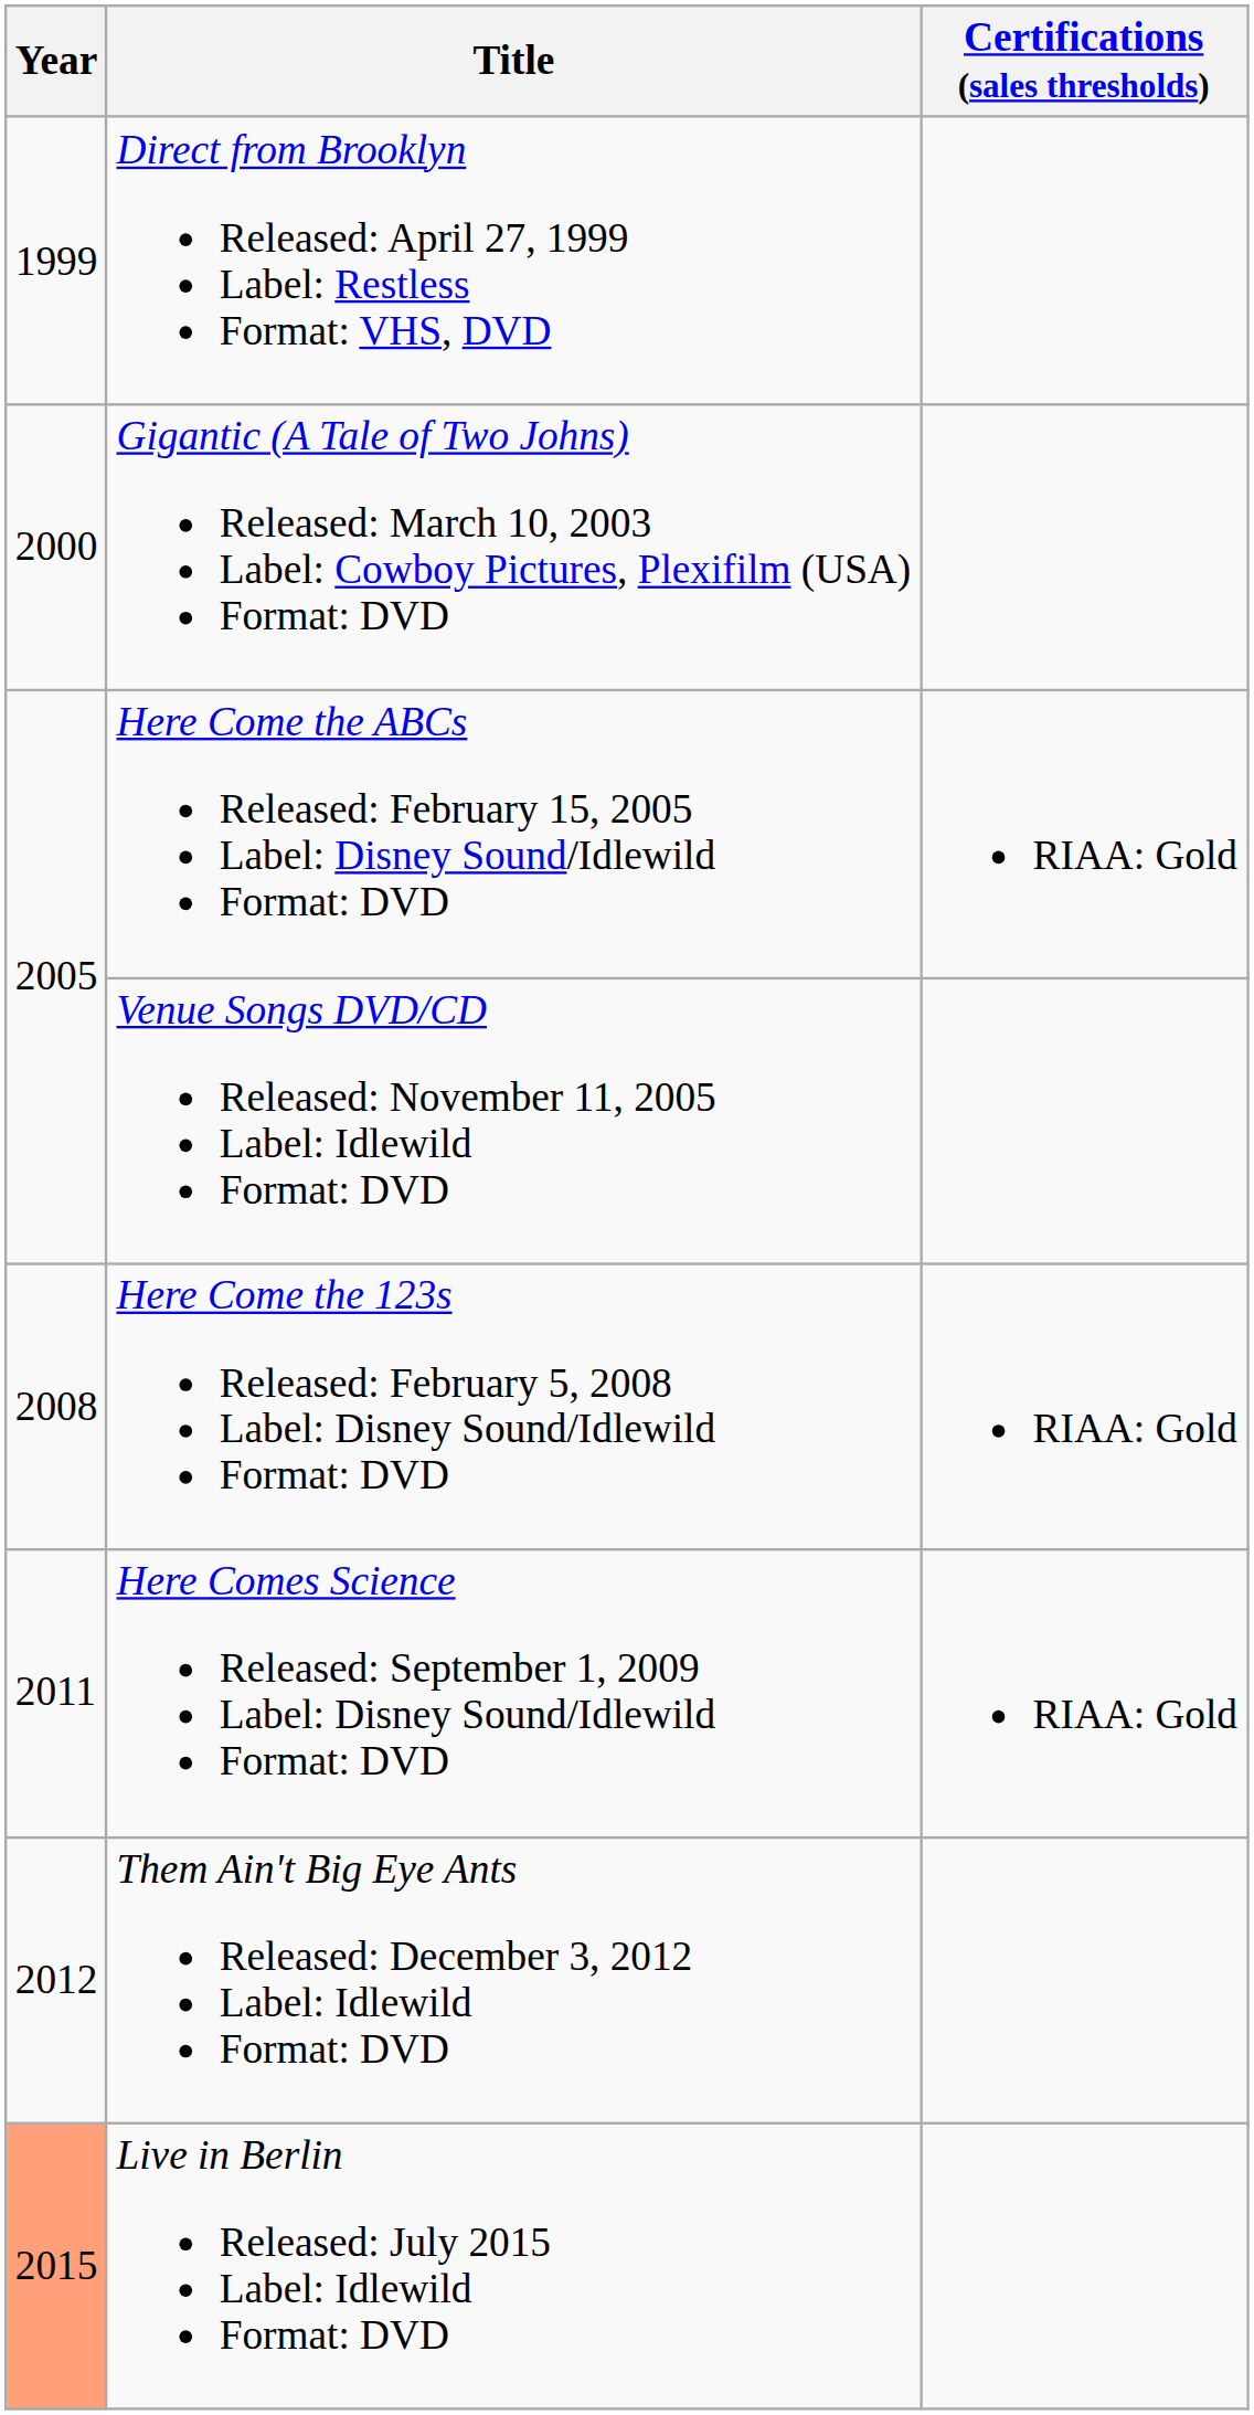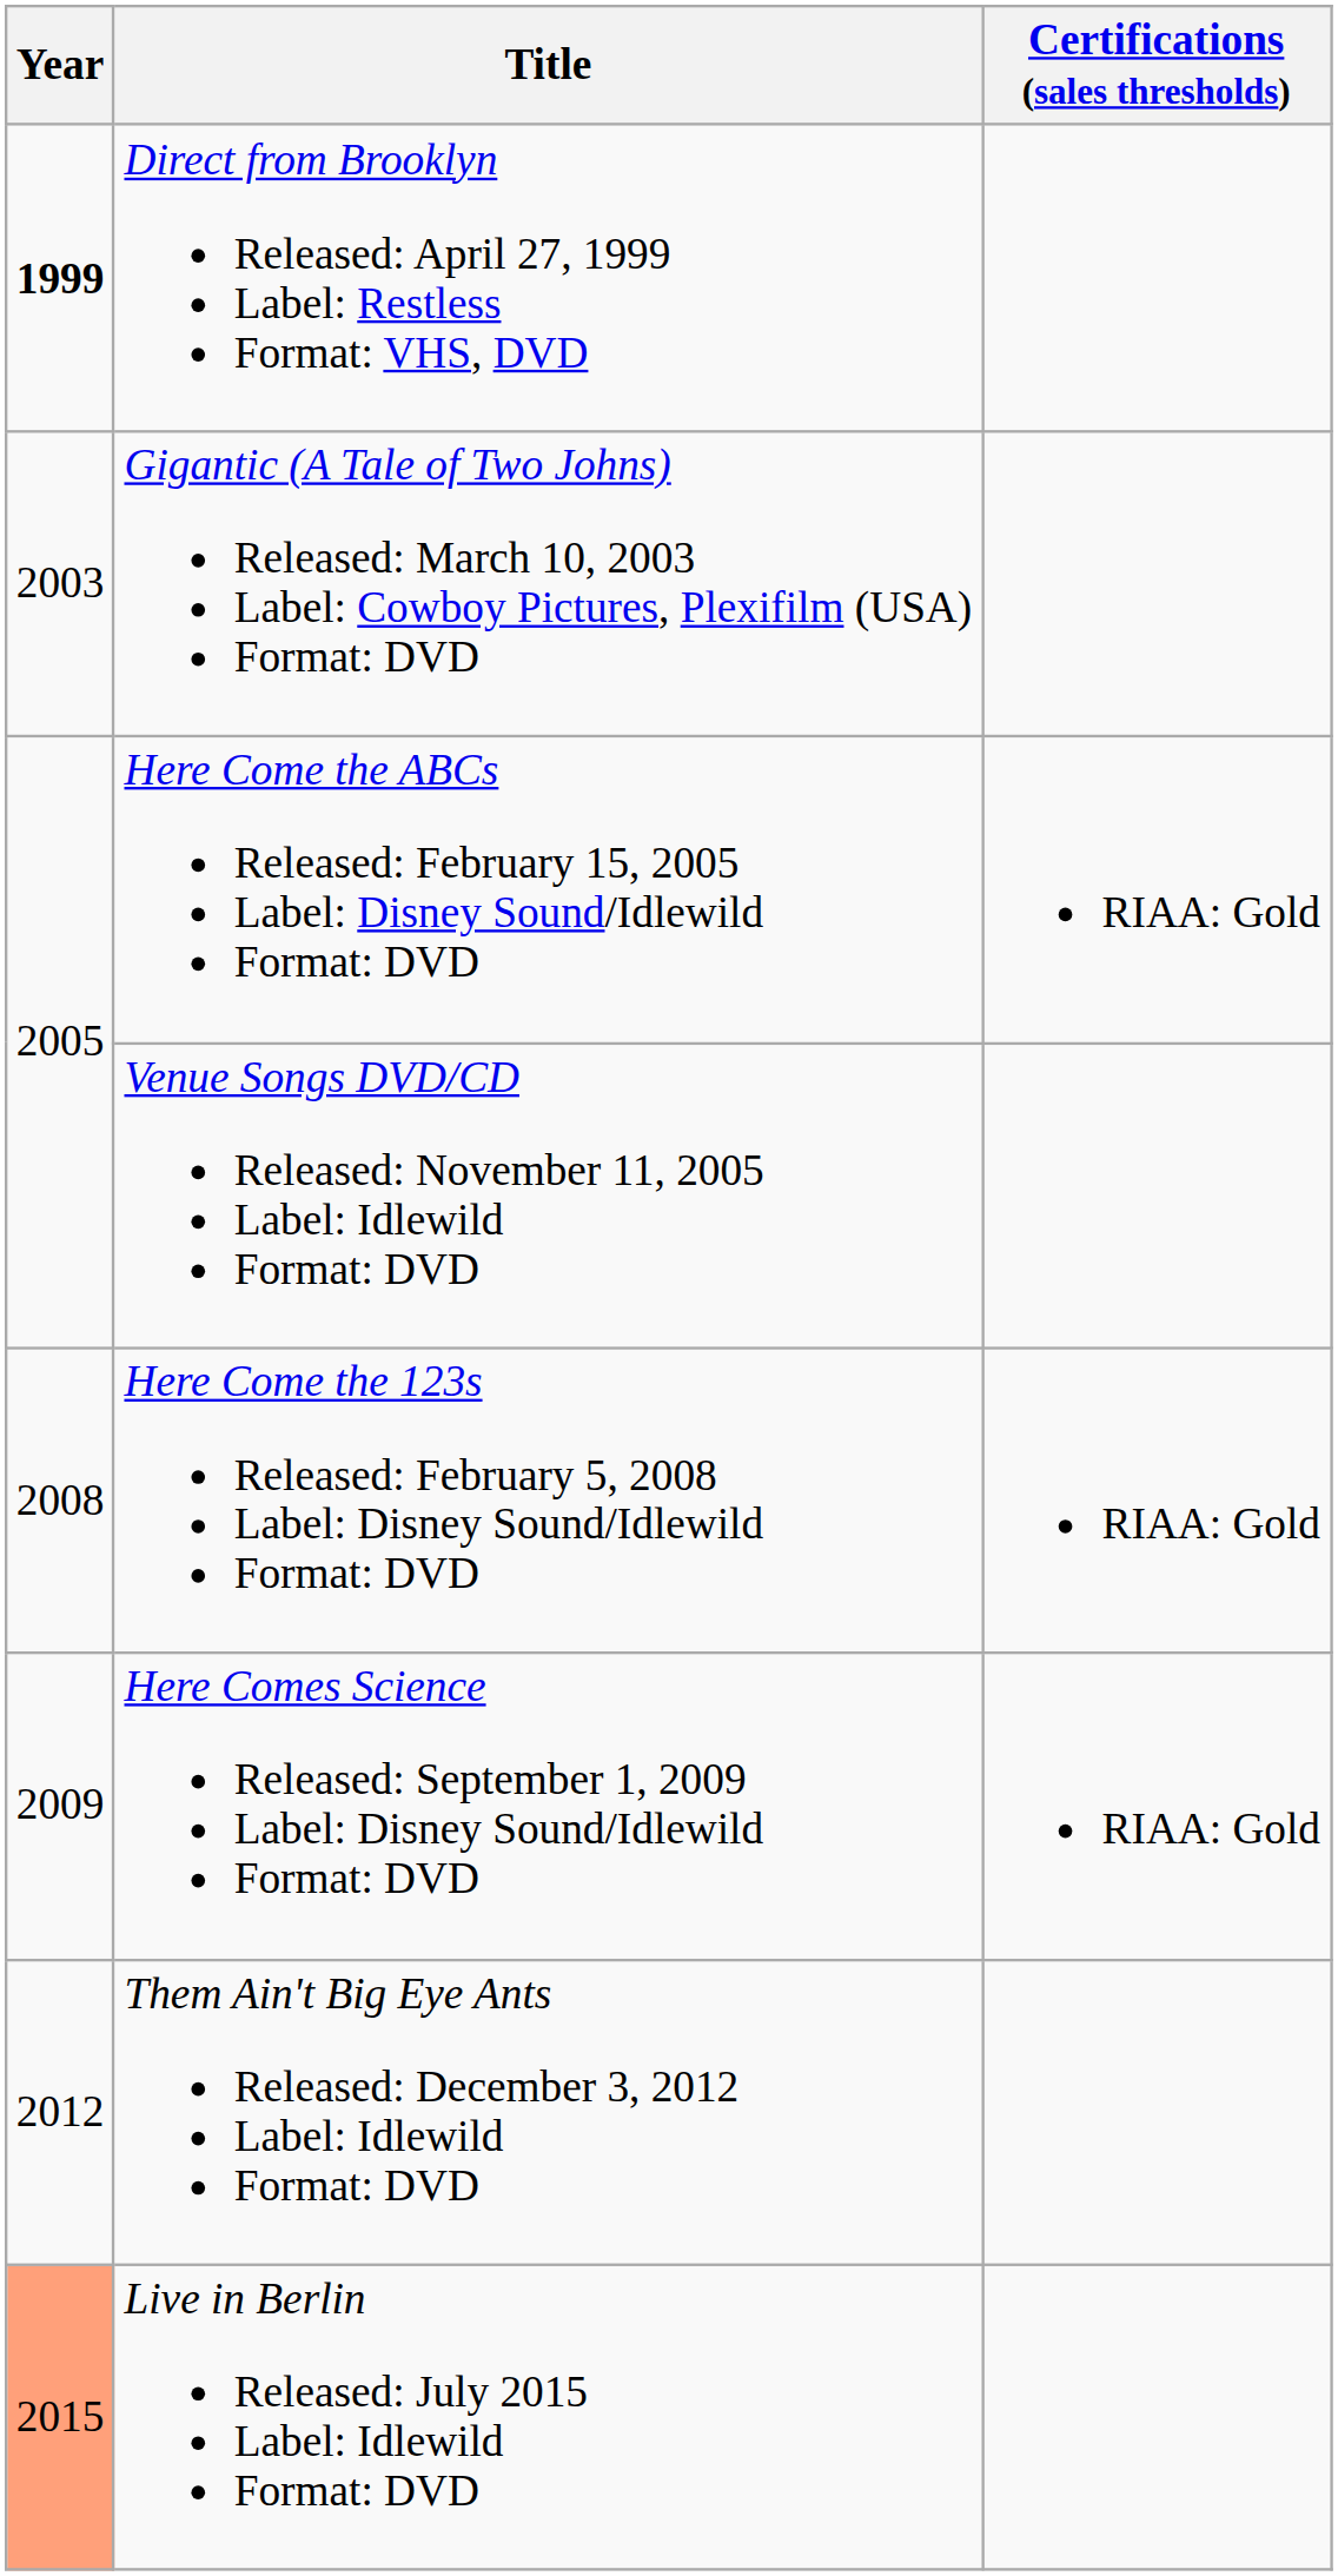 <table class="wikitable">
 <tr>
 <th>Year</th>
 <th>Title</th>
 <th><a href='#'>Certifications</a><br><small>(<a href='#'>sales thresholds</a>)</small></th>
 </tr>
 <tr>
-<td>1999</td>
+<td><strong>1999</strong></td>
 <td><em><a href='#'>Direct from Brooklyn</a></em><br><ul><li>Released: April 27, 1999</li><li>Label: <a href='#'>Restless</a></li><li>Format: <a href='#'>VHS</a>, <a href='#'>DVD</a></li></ul></td>
 <td></td>
 </tr>
 <tr>
-<td>2000</td>
+<td>2003</td>
 <td><em><a href='#'>Gigantic (A Tale of Two Johns)</a></em><br><ul><li>Released: March 10, 2003</li><li>Label: <a href='#'>Cowboy Pictures</a>, <a href='#'>Plexifilm</a> (USA)</li><li>Format: DVD</li></ul></td>
 <td></td>
 </tr>
 <tr>
 <td rowspan="2">2005</td>
 <td><em><a href='#'>Here Come the ABCs</a></em><br><ul><li>Released: February 15, 2005</li><li>Label: <a href='#'>Disney Sound</a>/Idlewild</li><li>Format: DVD</li></ul></td>
 <td><br><ul><li>RIAA: Gold</li></ul></td>
 </tr>
 <tr>
 <td><em><a href='#'>Venue Songs DVD/CD</a></em><br><ul><li>Released: November 11, 2005</li><li>Label: Idlewild</li><li>Format: DVD</li></ul></td>
 <td></td>
 </tr>
 <tr>
 <td>2008</td>
 <td><em><a href='#'>Here Come the 123s</a></em><br><ul><li>Released: February 5, 2008</li><li>Label: Disney Sound/Idlewild</li><li>Format: DVD</li></ul></td>
 <td><br><ul><li>RIAA: Gold</li></ul></td>
 </tr>
 <tr>
-<td>2011</td>
+<td>2009</td>
 <td><em><a href='#'>Here Comes Science</a></em><br><ul><li>Released: September 1, 2009</li><li>Label: Disney Sound/Idlewild</li><li>Format: DVD</li></ul></td>
 <td><br><ul><li>RIAA: Gold</li></ul></td>
 </tr>
 <tr>
 <td>2012</td>
 <td><em>Them Ain't Big Eye Ants</em><br><ul><li>Released: December 3, 2012</li><li>Label: Idlewild</li><li>Format: DVD</li></ul></td>
 <td></td>
 </tr>
 <tr>
 <td style="background: lightsalmon;">2015</td>
 <td><em>Live in Berlin</em><br><ul><li>Released: July 2015</li><li>Label: Idlewild</li><li>Format: DVD</li></ul></td>
 <td></td>
 </tr>
 </table>
